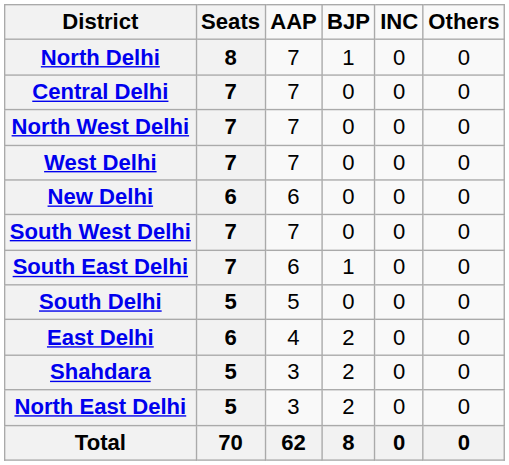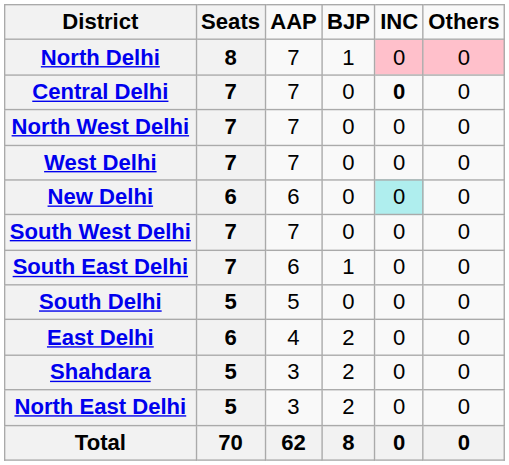 <table class="wikitable sortable" style="text-align:center;">
 <tr>
 <th>District</th>
 <th>Seats</th>
 <td><span><strong>AAP</strong></span></td>
 <td><span><strong>BJP</strong></span></td>
 <td><span><strong>INC</strong></span></td>
 <td><span><strong>Others</strong></span></td>
 </tr>
 <tr>
 <th><a href='#'>North Delhi</a></th>
 <th>8</th>
 <td style="background:">7</td>
 <td>1</td>
-<td>0</td>
-<td>0</td>
+<td style="background: pink;">0</td>
+<td style="background: pink;">0</td>
 </tr>
 <tr>
 <th><a href='#'>Central Delhi</a></th>
 <th>7</th>
 <td style="background:">7</td>
 <td>0</td>
-<td>0</td>
+<td><strong>0</strong></td>
 <td>0</td>
 </tr>
 <tr>
 <th><a href='#'>North West Delhi</a></th>
 <th>7</th>
 <td style="background:">7</td>
 <td>0</td>
 <td>0</td>
 <td>0</td>
 </tr>
 <tr>
 <th><a href='#'>West Delhi</a></th>
 <th>7</th>
 <td style="background:">7</td>
 <td>0</td>
 <td>0</td>
 <td>0</td>
 </tr>
 <tr>
 <th><a href='#'>New Delhi</a></th>
 <th>6</th>
 <td style="background:">6</td>
 <td>0</td>
-<td>0</td>
+<td style="background: paleturquoise;">0</td>
 <td>0</td>
 </tr>
 <tr>
 <th><a href='#'>South West Delhi</a></th>
 <th>7</th>
 <td style="background:">7</td>
 <td>0</td>
 <td>0</td>
 <td>0</td>
 </tr>
 <tr>
 <th><a href='#'>South East Delhi</a></th>
 <th>7</th>
 <td style="background:">6</td>
 <td>1</td>
 <td>0</td>
 <td>0</td>
 </tr>
 <tr>
 <th><a href='#'>South Delhi</a></th>
 <th>5</th>
 <td style="background:">5</td>
 <td>0</td>
 <td>0</td>
 <td>0</td>
 </tr>
 <tr>
 <th><a href='#'>East Delhi</a></th>
 <th>6</th>
 <td style="background:">4</td>
 <td>2</td>
 <td>0</td>
 <td>0</td>
 </tr>
 <tr>
 <th><a href='#'>Shahdara</a></th>
 <th>5</th>
 <td style="background:">3</td>
 <td>2</td>
 <td>0</td>
 <td>0</td>
 </tr>
 <tr>
 <th><a href='#'>North East Delhi</a></th>
 <th>5</th>
 <td style="background:">3</td>
 <td>2</td>
 <td>0</td>
 <td>0</td>
 </tr>
 <tr>
 <th>Total</th>
 <th>70</th>
 <th>62</th>
 <th>8</th>
 <th>0</th>
 <th>0</th>
 </tr>
 </table>
